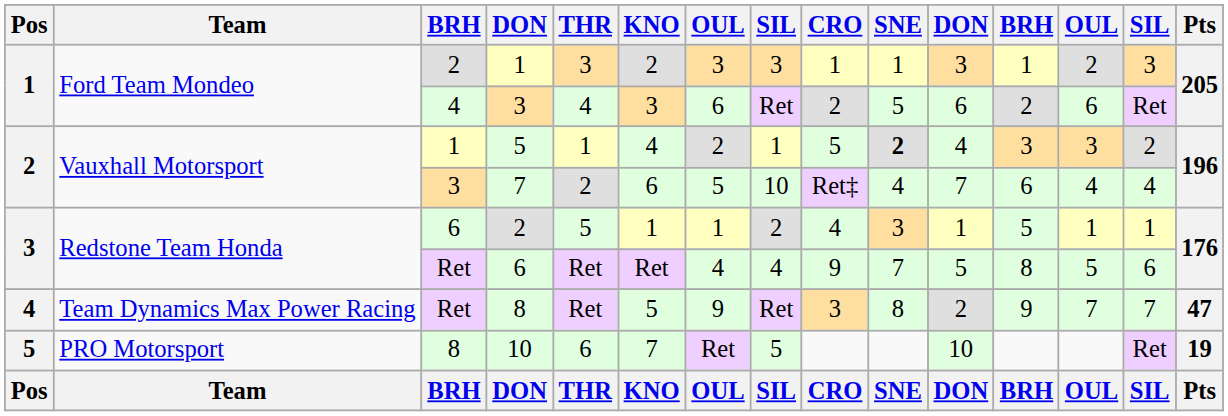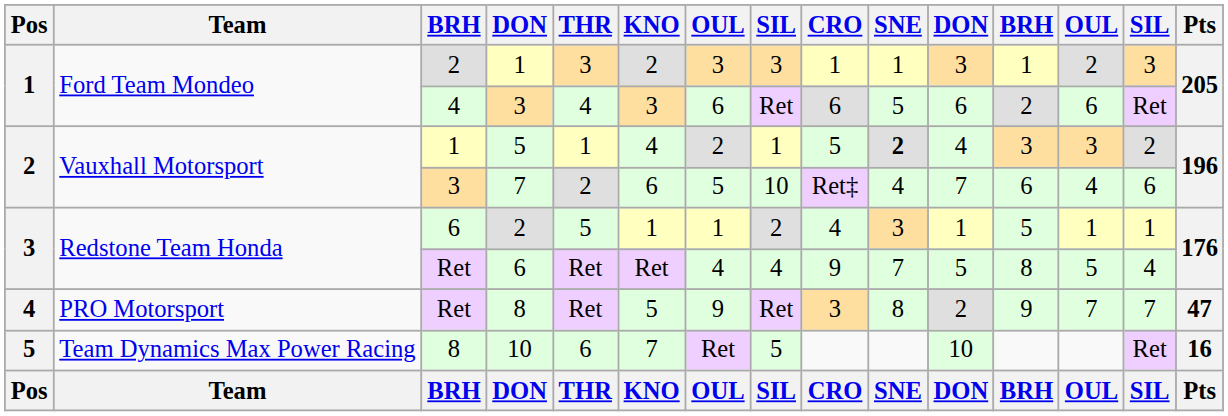 <table class="wikitable" style="font-size: 85%; text-align: center;">
 <tr style="vertical-align:top">
 <th style="vertical-align:middle">Pos</th>
 <th style="vertical-align:middle">Team</th>
 <th><a href='#'>BRH</a></th>
 <th><a href='#'>DON</a></th>
 <th><a href='#'>THR</a></th>
 <th><a href='#'>KNO</a></th>
 <th><a href='#'>OUL</a></th>
 <th><a href='#'>SIL</a></th>
 <th><a href='#'>CRO</a></th>
 <th><a href='#'>SNE</a></th>
 <th><a href='#'>DON</a></th>
 <th><a href='#'>BRH</a></th>
 <th><a href='#'>OUL</a></th>
 <th><a href='#'>SIL</a></th>
 <th style="vertical-align:middle">Pts</th>
 </tr>
 <tr>
 <th rowspan=2>1</th>
 <td rowspan=2 style="text-align:left"><a href='#'>Ford Team Mondeo</a></td>
 <td style="background:#DFDFDF;">2</td>
 <td style="background:#FFFFBF;">1</td>
 <td style="background:#FFDF9F;">3</td>
 <td style="background:#DFDFDF;">2</td>
 <td style="background:#FFDF9F;">3</td>
 <td style="background:#FFDF9F;">3</td>
 <td style="background:#FFFFBF;">1</td>
 <td style="background:#FFFFBF;">1</td>
 <td style="background:#FFDF9F;">3</td>
 <td style="background:#FFFFBF;">1</td>
 <td style="background:#DFDFDF;">2</td>
 <td style="background:#FFDF9F;">3</td>
 <th rowspan=2>205</th>
 </tr>
 <tr>
 <td style="background:#DFFFDF;">4</td>
 <td style="background:#FFDF9F;">3</td>
 <td style="background:#DFFFDF;">4</td>
 <td style="background:#FFDF9F;">3</td>
 <td style="background:#DFFFDF;">6</td>
 <td style="background:#EFCFFF;">Ret</td>
-<td style="background:#DFDFDF;">2</td>
+<td style="background:#DFDFDF;">6</td>
 <td style="background:#DFFFDF;">5</td>
 <td style="background:#DFFFDF;">6</td>
 <td style="background:#DFDFDF;">2</td>
 <td style="background:#DFFFDF;">6</td>
 <td style="background:#EFCFFF;">Ret</td>
 </tr>
 <tr>
 <th rowspan=2>2</th>
 <td rowspan=2 style="text-align:left"><a href='#'>Vauxhall Motorsport</a></td>
 <td style="background:#FFFFBF;">1</td>
 <td style="background:#DFFFDF;">5</td>
 <td style="background:#FFFFBF;">1</td>
 <td style="background:#DFFFDF;">4</td>
 <td style="background:#DFDFDF;">2</td>
 <td style="background:#FFFFBF;">1</td>
 <td style="background:#DFFFDF;">5</td>
 <td style="background:#DFDFDF;"><strong>2</strong></td>
 <td style="background:#DFFFDF;">4</td>
 <td style="background:#FFDF9F;">3</td>
 <td style="background:#FFDF9F;">3</td>
 <td style="background:#DFDFDF;">2</td>
 <th rowspan=2>196</th>
 </tr>
 <tr>
 <td style="background:#FFDF9F;">3</td>
 <td style="background:#DFFFDF;">7</td>
 <td style="background:#DFDFDF;">2</td>
 <td style="background:#DFFFDF;">6</td>
 <td style="background:#DFFFDF;">5</td>
 <td style="background:#DFFFDF;">10</td>
 <td style="background:#EFCFFF;">Ret‡</td>
 <td style="background:#DFFFDF;">4</td>
 <td style="background:#DFFFDF;">7</td>
 <td style="background:#DFFFDF;">6</td>
 <td style="background:#DFFFDF;">4</td>
-<td style="background:#DFFFDF;">4</td>
+<td style="background:#DFFFDF;">6</td>
 </tr>
 <tr>
 <th rowspan=2>3</th>
 <td rowspan=2 style="text-align:left"><a href='#'>Redstone Team Honda</a></td>
 <td style="background:#DFFFDF;">6</td>
 <td style="background:#DFDFDF;">2</td>
 <td style="background:#DFFFDF;">5</td>
 <td style="background:#FFFFBF;">1</td>
 <td style="background:#FFFFBF;">1</td>
 <td style="background:#DFDFDF;">2</td>
 <td style="background:#DFFFDF;">4</td>
 <td style="background:#FFDF9F;">3</td>
 <td style="background:#FFFFBF;">1</td>
 <td style="background:#DFFFDF;">5</td>
 <td style="background:#FFFFBF;">1</td>
 <td style="background:#FFFFBF;">1</td>
 <th rowspan=2>176</th>
 </tr>
 <tr>
 <td style="background:#EFCFFF;">Ret</td>
 <td style="background:#DFFFDF;">6</td>
 <td style="background:#EFCFFF;">Ret</td>
 <td style="background:#EFCFFF;">Ret</td>
 <td style="background:#DFFFDF;">4</td>
 <td style="background:#DFFFDF;">4</td>
 <td style="background:#DFFFDF;">9</td>
 <td style="background:#DFFFDF;">7</td>
 <td style="background:#DFFFDF;">5</td>
 <td style="background:#DFFFDF;">8</td>
 <td style="background:#DFFFDF;">5</td>
-<td style="background:#DFFFDF;">6</td>
+<td style="background:#DFFFDF;">4</td>
 </tr>
 <tr>
 <th>4</th>
-<td style="text-align:left" nowrap><a href='#'>Team Dynamics Max Power Racing</a></td>
+<td style="text-align:left"><a href='#'>PRO Motorsport</a></td>
 <td style="background:#EFCFFF;">Ret</td>
 <td style="background:#DFFFDF;">8</td>
 <td style="background:#EFCFFF;">Ret</td>
 <td style="background:#DFFFDF;">5</td>
 <td style="background:#DFFFDF;">9</td>
 <td style="background:#EFCFFF;">Ret</td>
 <td style="background:#FFDF9F;">3</td>
 <td style="background:#DFFFDF;">8</td>
 <td style="background:#DFDFDF;">2</td>
 <td style="background:#DFFFDF;">9</td>
 <td style="background:#DFFFDF;">7</td>
 <td style="background:#DFFFDF;">7</td>
 <th>47</th>
 </tr>
 <tr>
 <th>5</th>
-<td style="text-align:left"><a href='#'>PRO Motorsport</a></td>
+<td style="text-align:left" nowrap><a href='#'>Team Dynamics Max Power Racing</a></td>
 <td style="background:#DFFFDF;">8</td>
 <td style="background:#DFFFDF;">10</td>
 <td style="background:#DFFFDF;">6</td>
 <td style="background:#DFFFDF;">7</td>
 <td style="background:#EFCFFF;">Ret</td>
 <td style="background:#DFFFDF;">5</td>
 <td></td>
 <td></td>
 <td style="background:#DFFFDF;">10</td>
 <td></td>
 <td></td>
 <td style="background:#EFCFFF;">Ret</td>
-<th>19</th>
+<th>16</th>
 </tr>
 <tr>
 <th style="vertical-align:middle">Pos</th>
 <th style="vertical-align:middle">Team</th>
 <th><a href='#'>BRH</a></th>
 <th><a href='#'>DON</a></th>
 <th><a href='#'>THR</a></th>
 <th><a href='#'>KNO</a></th>
 <th><a href='#'>OUL</a></th>
 <th><a href='#'>SIL</a></th>
 <th><a href='#'>CRO</a></th>
 <th><a href='#'>SNE</a></th>
 <th><a href='#'>DON</a></th>
 <th><a href='#'>BRH</a></th>
 <th><a href='#'>OUL</a></th>
 <th><a href='#'>SIL</a></th>
 <th style="vertical-align:middle">Pts</th>
 </tr>
 </table>
